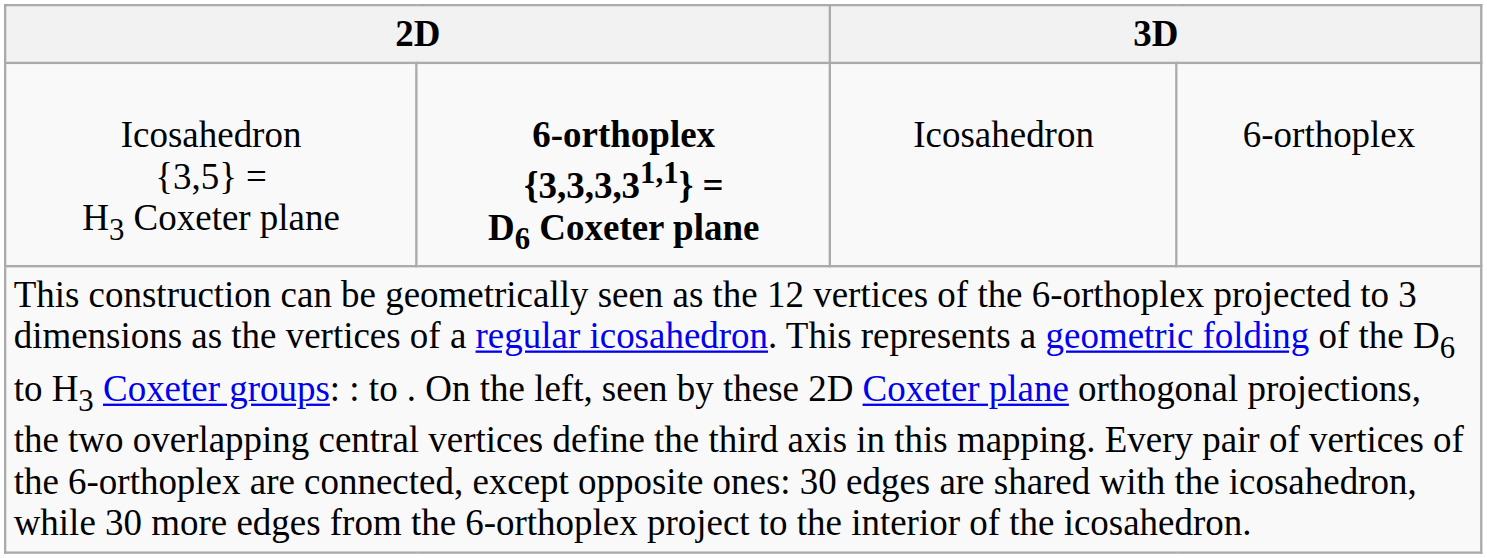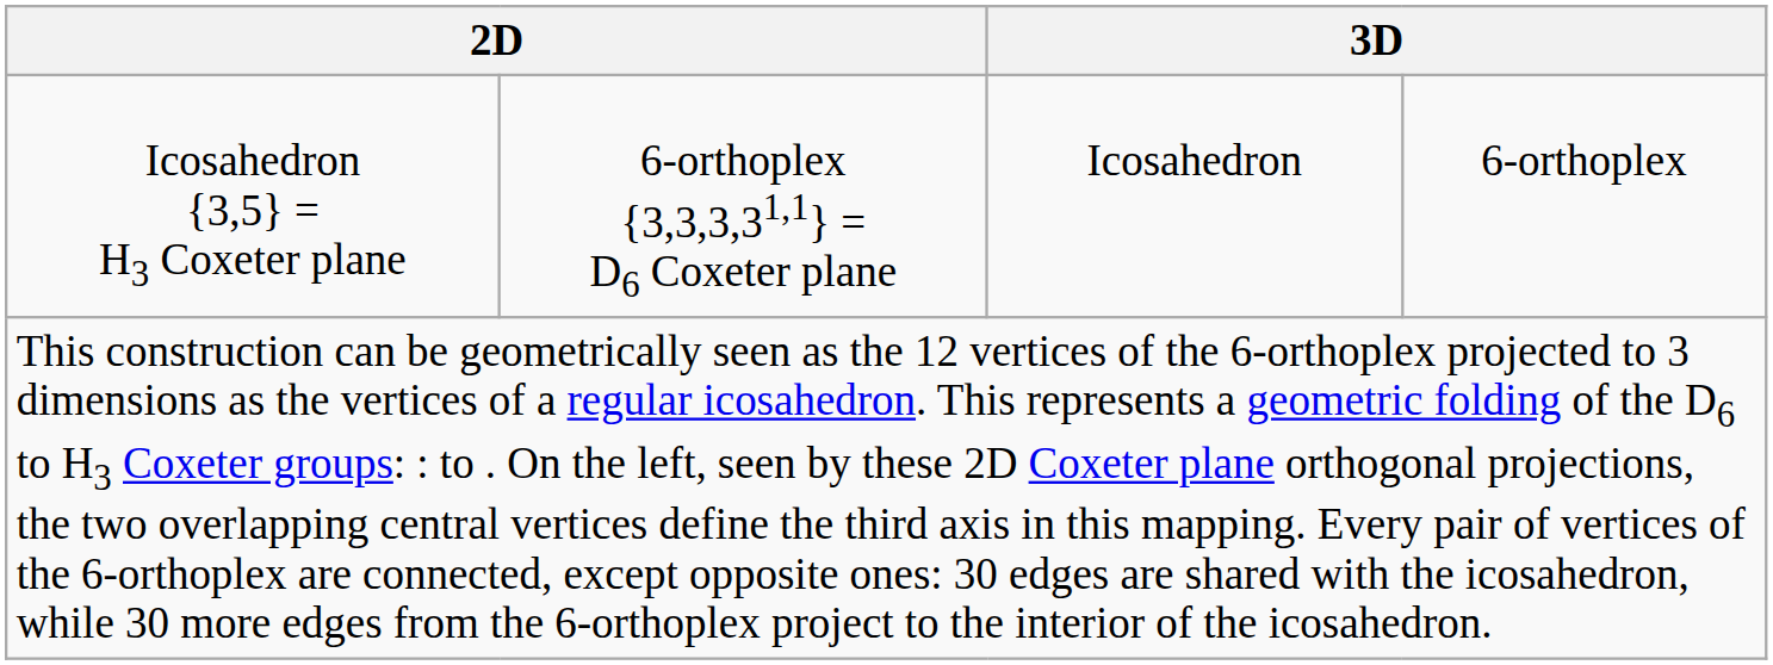 <table class=wikitable width=640>
 <tr>
 <th colspan=2>2D</th>
 <th colspan=2>3D</th>
 </tr>
 <tr align=center valign=top>
 <td><br>Icosahedron<br>{3,5} = <br>H<sub>3</sub> Coxeter plane</td>
-<td><strong><br>6-orthoplex<br>{3,3,3,3<sup>1,1</sup>} = <br>D<sub>6</sub> Coxeter plane</strong></td>
+<td><br>6-orthoplex<br>{3,3,3,3<sup>1,1</sup>} = <br>D<sub>6</sub> Coxeter plane</td>
 <td><br>Icosahedron</td>
 <td><br>6-orthoplex</td>
 </tr>
 <tr>
 <td colspan=4>This construction can be geometrically seen as the 12 vertices of the 6-orthoplex projected to 3 dimensions as the vertices of a <a href='#'>regular icosahedron</a>. This represents a <a href='#'>geometric folding</a> of the D<sub>6</sub> to H<sub>3</sub> <a href='#'>Coxeter groups</a>: :  to . On the left, seen by these 2D <a href='#'>Coxeter plane</a> orthogonal projections, the two overlapping central vertices define the third axis in this mapping. Every pair of vertices of the 6-orthoplex are connected, except opposite ones: 30 edges are shared with the icosahedron, while 30 more edges from the 6-orthoplex project to the interior of the icosahedron.</td>
 </tr>
 </table>
